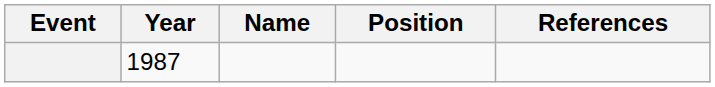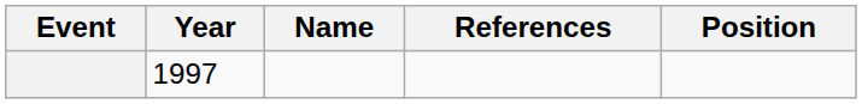 <table class="wikitable sortable" width="75%">
 <tr>
 <th scope="col">Event</th>
 <th scope="col">Year</th>
 <th scope="col">Name</th>
+<th scope="col" class="unsortable">References</th>
 <th scope="col">Position</th>
-<th scope="col" class="unsortable">References</th>
 </tr>
 <tr>
 <th scope="row"></th>
-<td>1987</td>
+<td>1997</td>
 <td></td>
 <td></td>
 <td></td>
 </tr>
 </table>
